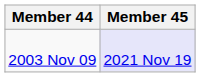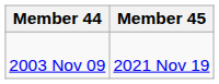 <table class=wikitable align=right>
 <tr>
 <th>Member 44</th>
 <th>Member 45</th>
 </tr>
 <tr>
 <td><br><a href='#'>2003 Nov 09</a></td>
-<td style="background: lavender;"><br><a href='#'>2021 Nov 19</a></td>
+<td><br><a href='#'>2021 Nov 19</a></td>
 </tr>
 </table>
